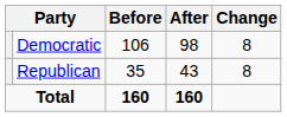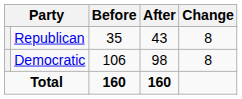 <table class="wikitable" style="text-align:center;">
 <tr>
 <th colspan="2">Party</th>
 <th>Before</th>
 <th>After</th>
 <th>Change</th>
 </tr>
 <tr>
 <th style="background-color:"></th>
-<td style="text-align:left;"><a href='#'>Democratic</a></td>
-<td>106</td>
-<td>98</td>
+<td style="text-align:left;"><a href='#'>Republican</a></td>
+<td>35</td>
+<td>43</td>
 <td> 8</td>
 </tr>
 <tr>
 <th style="background-color:"></th>
-<td style="text-align:left;"><a href='#'>Republican</a></td>
-<td>35</td>
-<td>43</td>
+<td style="text-align:left;"><a href='#'>Democratic</a></td>
+<td>106</td>
+<td>98</td>
 <td> 8</td>
 </tr>
 <tr>
 <td colspan="2"><strong>Total</strong></td>
 <td><strong>160</strong></td>
 <td><strong>160</strong></td>
 <td></td>
 </tr>
 </table>
